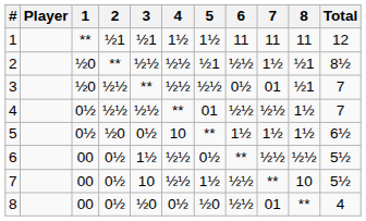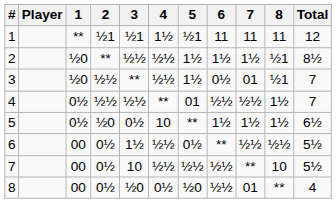 <table class="wikitable" style="text-align: center; margin: 0em 4em">
 <tr>
 <th>#</th>
 <th>Player</th>
 <th>1</th>
 <th>2</th>
 <th>3</th>
 <th>4</th>
 <th>5</th>
 <th>6</th>
 <th>7</th>
 <th>8</th>
 <th>Total</th>
 </tr>
 <tr>
 <td>1</td>
 <td align=left></td>
 <td>**</td>
 <td>½1</td>
 <td>½1</td>
 <td>1½</td>
-<td>1½</td>
+<td>½1</td>
 <td>11</td>
 <td>11</td>
 <td>11</td>
 <td>12</td>
 </tr>
 <tr>
 <td>2</td>
 <td align=left></td>
 <td>½0</td>
 <td>**</td>
 <td>½½</td>
 <td>½½</td>
-<td>½1</td>
-<td>½½</td>
+<td>1½</td>
+<td>1½</td>
 <td>1½</td>
 <td>½1</td>
 <td>8½</td>
 </tr>
 <tr>
 <td>3</td>
 <td align=left></td>
 <td>½0</td>
 <td>½½</td>
 <td>**</td>
 <td>½½</td>
-<td>½½</td>
+<td>1½</td>
 <td>0½</td>
 <td>01</td>
 <td>½1</td>
 <td>7</td>
 </tr>
 <tr>
 <td>4</td>
 <td align=left></td>
 <td>0½</td>
 <td>½½</td>
 <td>½½</td>
 <td>**</td>
 <td>01</td>
 <td>½½</td>
 <td>½½</td>
 <td>1½</td>
 <td>7</td>
 </tr>
 <tr>
 <td>5</td>
 <td align=left></td>
 <td>0½</td>
 <td>½0</td>
 <td>0½</td>
 <td>10</td>
 <td>**</td>
 <td>1½</td>
 <td>1½</td>
 <td>1½</td>
 <td>6½</td>
 </tr>
 <tr>
 <td>6</td>
 <td align=left></td>
 <td>00</td>
 <td>0½</td>
 <td>1½</td>
 <td>½½</td>
 <td>0½</td>
 <td>**</td>
 <td>½½</td>
 <td>½½</td>
 <td>5½</td>
 </tr>
 <tr>
 <td>7</td>
 <td align=left></td>
 <td>00</td>
 <td>0½</td>
 <td>10</td>
 <td>½½</td>
-<td>1½</td>
+<td>½½</td>
 <td>½½</td>
 <td>**</td>
 <td>10</td>
 <td>5½</td>
 </tr>
 <tr>
 <td>8</td>
 <td align=left></td>
 <td>00</td>
 <td>0½</td>
 <td>½0</td>
 <td>0½</td>
 <td>½0</td>
 <td>½½</td>
 <td>01</td>
 <td>**</td>
 <td>4</td>
 </tr>
 </table>
